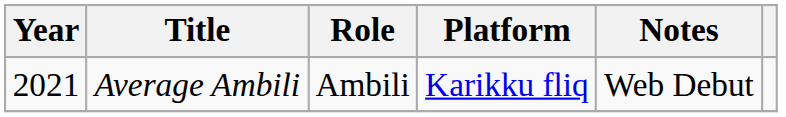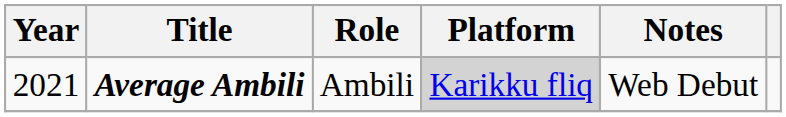 <table class="wikitable sortable plainrowheaders">
 <tr>
 <th scope="col">Year</th>
 <th scope="col">Title</th>
 <th scope="col">Role</th>
 <th scope="col" class="unsortable">Platform</th>
 <th scope="col" class="unsortable">Notes</th>
 <th scope="col" class="unsortable"></th>
 </tr>
 <tr>
 <td>2021</td>
-<td><em>Average Ambili</em></td>
+<td><strong><em>Average Ambili</em></strong></td>
 <td>Ambili</td>
-<td><a href='#'> Karikku fliq</a></td>
+<td style="background: lightgrey;"><a href='#'> Karikku fliq</a></td>
 <td>Web Debut</td>
 <td></td>
 </tr>
 <tr>
 </tr>
 </table>
